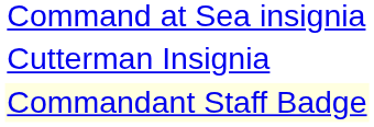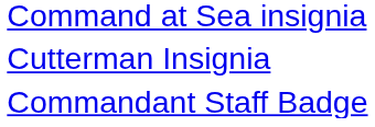 <table>
 <tr>
 <td>   <a href='#'>Command at Sea insignia</a><br></td>
 </tr>
 <tr>
 <td> <a href='#'>Cutterman Insignia</a><br></td>
 </tr>
 <tr>
-<td style="background: lightyellow;">   <a href='#'>Commandant Staff Badge</a></td>
+<td>   <a href='#'>Commandant Staff Badge</a></td>
 </tr>
 <tr>
 </tr>
 </table>
